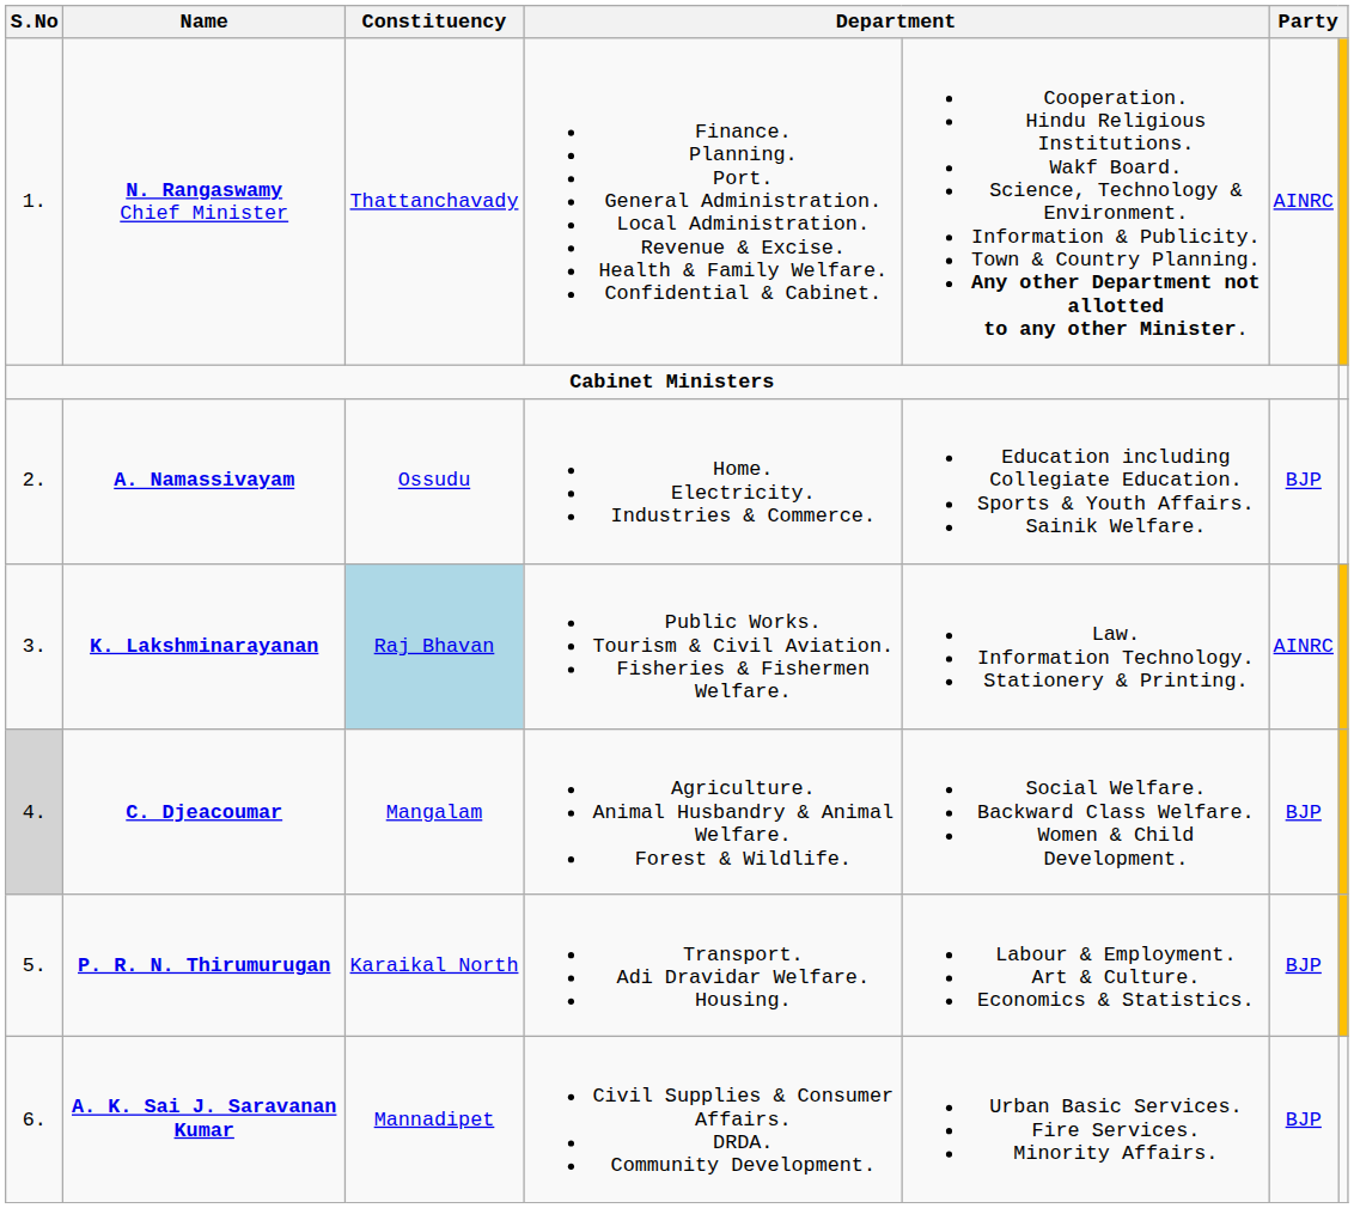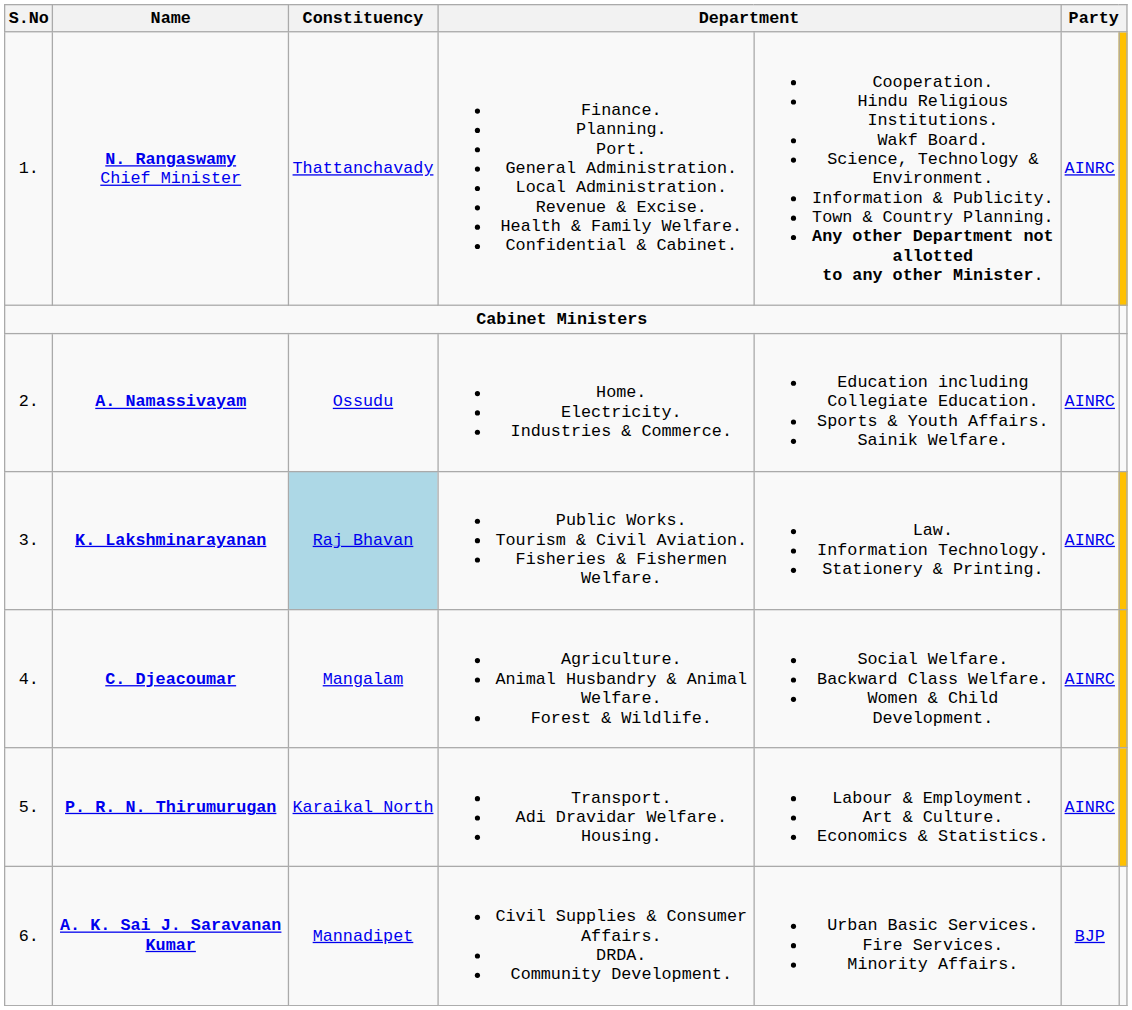 <table class="wikitable sortable" style="text-align:center;">
 <tr>
 <th>S.No</th>
 <th>Name</th>
 <th>Constituency</th>
 <th colspan=2>Department</th>
 <th colspan="2" scope="col">Party</th>
 </tr>
 <tr>
 <td>1.</td>
 <td><strong><a href='#'>N. Rangaswamy</a></strong><br><a href='#'>Chief Minister</a><br></td>
 <td><a href='#'>Thattanchavady</a></td>
 <td><br><ul><li>Finance.</li><li>Planning.</li><li>Port.</li><li>General Administration.</li><li>Local Administration.</li><li>Revenue & Excise.</li><li>Health & Family Welfare.</li><li>Confidential & Cabinet.</li></ul></td>
 <td><br><ul><li>Cooperation.</li><li>Hindu Religious Institutions.</li><li>Wakf Board.</li><li>Science, Technology & Environment.</li><li>Information & Publicity.</li><li>Town & Country Planning.</li><li><strong>Any other Department not allotted<br> to any other Minister</strong>.</li></ul></td>
 <td><a href='#'>AINRC</a></td>
 <td bgcolor=#FFC000></td>
 </tr>
 <tr>
 <td style="text-align: center;" colspan=6><strong>Cabinet Ministers</strong></td>
 </tr>
 <tr>
 <td>2.</td>
 <td><strong><a href='#'>A. Namassivayam</a></strong><br></td>
 <td><a href='#'>Ossudu</a></td>
 <td><br><ul><li>Home.</li><li>Electricity.</li><li>Industries & Commerce.</li></ul></td>
 <td><br><ul><li>Education including<br> Collegiate Education.</li><li>Sports & Youth Affairs.</li><li>Sainik Welfare.</li></ul></td>
-<td><a href='#'>BJP</a></td>
+<td><a href='#'>AINRC</a></td>
 <td></td>
 </tr>
 <tr>
 <td>3.</td>
 <td><strong><a href='#'>K. Lakshminarayanan</a></strong><br></td>
 <td style="background: lightblue;"><a href='#'>Raj Bhavan</a></td>
 <td><br><ul><li>Public Works.</li><li>Tourism & Civil Aviation.</li><li>Fisheries & Fishermen Welfare.</li></ul></td>
 <td><br><ul><li>Law.</li><li>Information Technology.</li><li>Stationery & Printing.</li></ul></td>
 <td><a href='#'>AINRC</a></td>
 <td bgcolor=#FFC000></td>
 </tr>
 <tr>
-<td style="background: lightgrey;">4.</td>
+<td>4.</td>
 <td><strong><a href='#'>C. Djeacoumar</a></strong><br></td>
 <td><a href='#'>Mangalam</a></td>
 <td><br><ul><li>Agriculture.</li><li>Animal Husbandry & Animal Welfare.</li><li>Forest & Wildlife.</li></ul></td>
 <td><br><ul><li>Social Welfare.</li><li>Backward Class Welfare.</li><li>Women & Child Development.</li></ul></td>
-<td><a href='#'>BJP</a></td>
+<td><a href='#'>AINRC</a></td>
 <td bgcolor=#FFC000></td>
 </tr>
 <tr>
 <td>5.</td>
 <td><strong><a href='#'>P. R. N. Thirumurugan</a></strong><br></td>
 <td><a href='#'>Karaikal North</a></td>
 <td><br><ul><li>Transport.</li><li>Adi Dravidar Welfare.</li><li>Housing.</li></ul></td>
 <td><br><ul><li>Labour & Employment.</li><li>Art & Culture.</li><li>Economics & Statistics.</li></ul></td>
-<td><a href='#'>BJP</a></td>
+<td><a href='#'>AINRC</a></td>
 <td bgcolor=#FFC000></td>
 </tr>
 <tr>
 <td>6.</td>
 <td><strong><a href='#'>A. K. Sai J. Saravanan Kumar</a></strong><br></td>
 <td><a href='#'>Mannadipet</a></td>
 <td><br><ul><li>Civil Supplies & Consumer Affairs.</li><li>DRDA.</li><li>Community Development.</li></ul></td>
 <td><br><ul><li>Urban Basic Services.</li><li>Fire Services.</li><li>Minority Affairs.</li></ul></td>
 <td><a href='#'>BJP</a></td>
 <td></td>
 </tr>
 </table>
